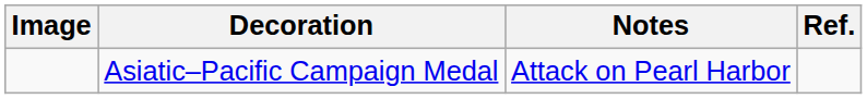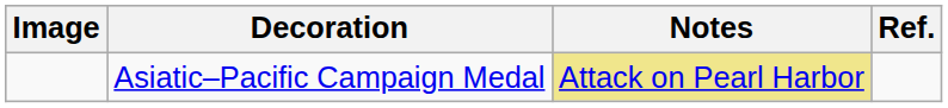 <table class="wikitable">
 <tr>
 <th>Image</th>
 <th>Decoration</th>
 <th>Notes</th>
 <th>Ref.</th>
 </tr>
 <tr>
 <td></td>
 <td><a href='#'>Asiatic–Pacific Campaign Medal</a></td>
-<td><a href='#'>Attack on Pearl Harbor</a></td>
+<td style="background: khaki;"><a href='#'>Attack on Pearl Harbor</a></td>
 <td rowspan="2"></td>
 </tr>
 </table>
